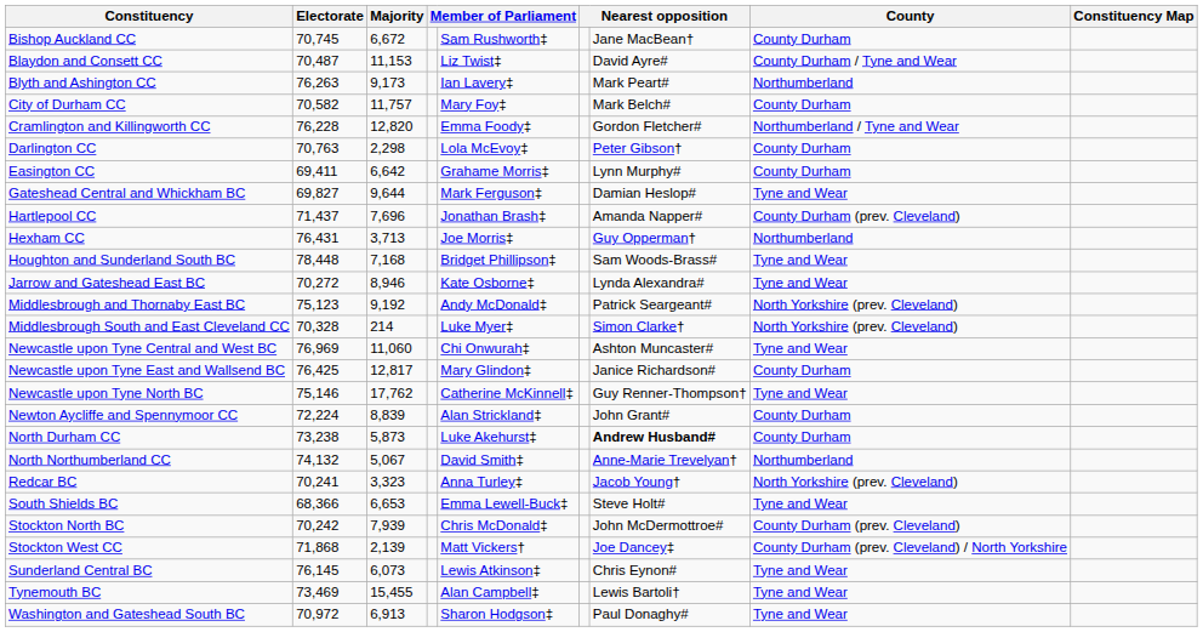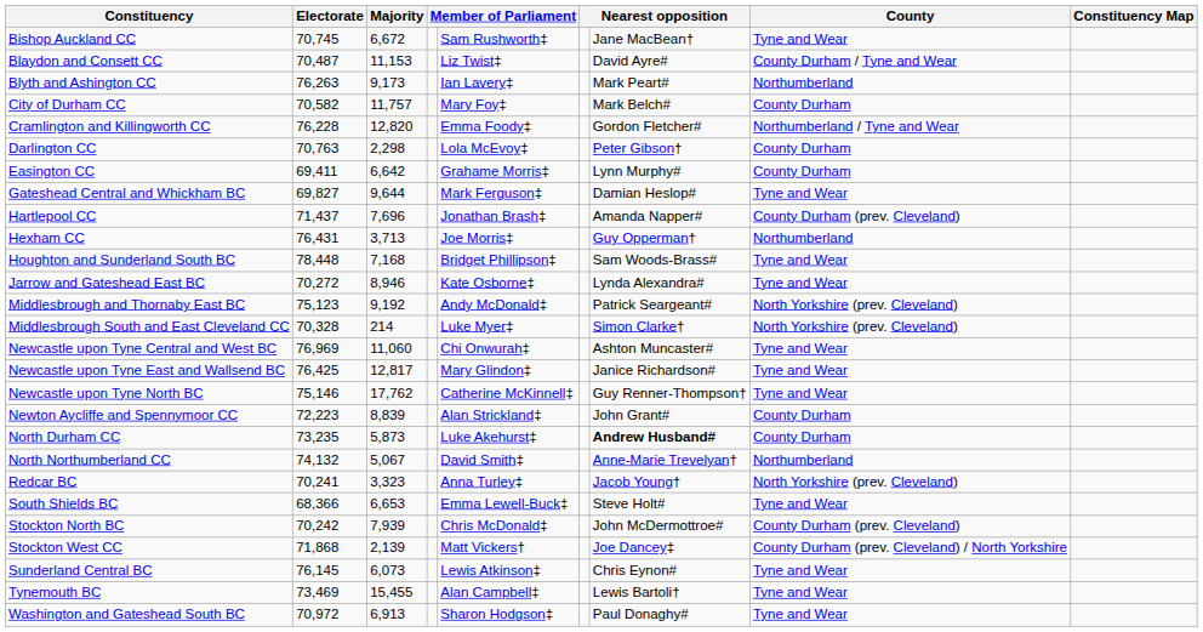 <table class="wikitable sortable">
 <tr>
 <th rowspan="1">Constituency </th>
 <th rowspan="1">Electorate</th>
 <th rowspan="1">Majority</th>
 <th class="unsortable" colspan="2"><a href='#'>Member of Parliament</a></th>
 <th class="unsortable" colspan="2">Nearest opposition</th>
 <th rowspan="1">County</th>
 <th class="unsortable" rowspan="1">Constituency Map</th>
 </tr>
 <tr>
 <td><a href='#'>Bishop Auckland CC</a></td>
 <td>70,745</td>
 <td>6,672</td>
 <td style="color:inherit;background:"> </td>
 <td><a href='#'>Sam Rushworth</a>‡</td>
 <td style="color:inherit;background:"> </td>
 <td>Jane MacBean†</td>
-<td><a href='#'>County Durham</a></td>
+<td><a href='#'>Tyne and Wear</a></td>
 <td></td>
 </tr>
 <tr>
 <td><a href='#'>Blaydon and Consett CC</a></td>
 <td>70,487</td>
 <td>11,153</td>
 <td style="color:inherit;background:"> </td>
 <td><a href='#'>Liz Twist</a>‡</td>
 <td style="color:inherit;background:"> </td>
 <td>David Ayre#</td>
 <td><a href='#'>County Durham</a> / <a href='#'>Tyne and Wear</a></td>
 <td></td>
 </tr>
 <tr>
 <td><a href='#'>Blyth and Ashington CC</a></td>
 <td>76,263</td>
 <td>9,173</td>
 <td style="color:inherit;background:"> </td>
 <td><a href='#'>Ian Lavery</a>‡</td>
 <td style="color:inherit;background:"> </td>
 <td>Mark Peart#</td>
 <td><a href='#'>Northumberland</a></td>
 <td></td>
 </tr>
 <tr>
 <td><a href='#'>City of Durham CC</a></td>
 <td>70,582</td>
 <td>11,757</td>
 <td style="color:inherit;background:"> </td>
 <td><a href='#'>Mary Foy</a>‡</td>
 <td style="color:inherit;background:"> </td>
 <td>Mark Belch#</td>
 <td><a href='#'>County Durham</a></td>
 <td></td>
 </tr>
 <tr>
 <td><a href='#'>Cramlington and Killingworth CC</a></td>
 <td>76,228</td>
 <td>12,820</td>
 <td style="color:inherit;background:"> </td>
 <td><a href='#'>Emma Foody</a>‡</td>
 <td style="color:inherit;background:"> </td>
 <td>Gordon Fletcher#</td>
 <td><a href='#'>Northumberland</a> / <a href='#'>Tyne and Wear</a></td>
 <td></td>
 </tr>
 <tr>
 <td><a href='#'>Darlington CC</a></td>
 <td>70,763</td>
 <td>2,298</td>
 <td style="color:inherit;background:"> </td>
 <td><a href='#'>Lola McEvoy</a>‡</td>
 <td style="color:inherit;background:"> </td>
 <td><a href='#'>Peter Gibson</a>†</td>
 <td><a href='#'>County Durham</a></td>
 <td></td>
 </tr>
 <tr>
 <td><a href='#'>Easington CC</a></td>
 <td>69,411</td>
 <td>6,642</td>
 <td style="color:inherit;background:"> </td>
 <td><a href='#'>Grahame Morris</a>‡</td>
 <td style="color:inherit;background:"> </td>
 <td>Lynn Murphy#</td>
 <td><a href='#'>County Durham</a></td>
 <td></td>
 </tr>
 <tr>
 <td><a href='#'>Gateshead Central and Whickham BC</a></td>
 <td>69,827</td>
 <td>9,644</td>
 <td style="color:inherit;background:"> </td>
 <td><a href='#'>Mark Ferguson</a>‡</td>
 <td style="color:inherit;background:"> </td>
 <td>Damian Heslop#</td>
 <td><a href='#'>Tyne and Wear</a></td>
 <td></td>
 </tr>
 <tr>
 <td><a href='#'>Hartlepool CC</a></td>
 <td>71,437</td>
 <td>7,696</td>
 <td style="color:inherit;background:"> </td>
 <td><a href='#'>Jonathan Brash</a>‡</td>
 <td style="color:inherit;background:"> </td>
 <td>Amanda Napper#</td>
 <td><a href='#'>County Durham</a> (prev. <a href='#'>Cleveland</a>)</td>
 <td></td>
 </tr>
 <tr>
 <td><a href='#'>Hexham CC</a></td>
 <td>76,431</td>
 <td>3,713</td>
 <td style="color:inherit;background:"></td>
 <td><a href='#'>Joe Morris</a>‡</td>
 <td style="color:inherit;background:"> </td>
 <td><a href='#'>Guy Opperman</a>†</td>
 <td><a href='#'>Northumberland</a></td>
 <td></td>
 </tr>
 <tr>
 <td><a href='#'>Houghton and Sunderland South BC</a></td>
 <td>78,448</td>
 <td>7,168</td>
 <td style="color:inherit;background:"> </td>
 <td><a href='#'>Bridget Phillipson</a>‡</td>
 <td style="color:inherit;background:"> </td>
 <td>Sam Woods-Brass#</td>
 <td><a href='#'>Tyne and Wear</a></td>
 <td></td>
 </tr>
 <tr>
 <td><a href='#'>Jarrow and Gateshead East BC</a></td>
 <td>70,272</td>
 <td>8,946</td>
 <td style="color:inherit;background:"> </td>
 <td><a href='#'>Kate Osborne</a>‡</td>
 <td style="color:inherit;background:"> </td>
 <td>Lynda Alexandra#</td>
 <td><a href='#'>Tyne and Wear</a></td>
 <td></td>
 </tr>
 <tr>
 <td><a href='#'>Middlesbrough and Thornaby East BC</a></td>
 <td>75,123</td>
 <td>9,192</td>
 <td style="color:inherit;background:"> </td>
 <td><a href='#'>Andy McDonald</a>‡</td>
 <td style="color:inherit;background:"> </td>
 <td>Patrick Seargeant#</td>
 <td><a href='#'>North Yorkshire</a> (prev. <a href='#'>Cleveland</a>)</td>
 <td></td>
 </tr>
 <tr>
 <td><a href='#'>Middlesbrough South and East Cleveland CC</a></td>
 <td>70,328</td>
 <td>214</td>
 <td style="color:inherit;background:"> </td>
 <td><a href='#'>Luke Myer</a>‡</td>
 <td style="color:inherit;background:"> </td>
 <td><a href='#'>Simon Clarke</a>†</td>
 <td><a href='#'>North Yorkshire</a> (prev. <a href='#'>Cleveland</a>)</td>
 <td></td>
 </tr>
 <tr>
 <td><a href='#'>Newcastle upon Tyne Central and West BC</a></td>
 <td>76,969</td>
 <td>11,060</td>
 <td style="color:inherit;background:"> </td>
 <td><a href='#'>Chi Onwurah</a>‡</td>
 <td style="color:inherit;background:"> </td>
 <td>Ashton Muncaster#</td>
 <td><a href='#'>Tyne and Wear</a></td>
 <td></td>
 </tr>
 <tr>
 <td><a href='#'>Newcastle upon Tyne East and Wallsend BC</a></td>
 <td>76,425</td>
 <td>12,817</td>
 <td style="color:inherit;background:"> </td>
 <td><a href='#'>Mary Glindon</a>‡</td>
 <td style="color:inherit;background:"> </td>
 <td>Janice Richardson#</td>
-<td><a href='#'>County Durham</a></td>
+<td><a href='#'>Tyne and Wear</a></td>
 <td></td>
 </tr>
 <tr>
 <td><a href='#'>Newcastle upon Tyne North BC</a></td>
 <td>75,146</td>
 <td>17,762</td>
 <td style="color:inherit;background:"> </td>
 <td><a href='#'>Catherine McKinnell</a>‡</td>
 <td style="color:inherit;background:"> </td>
 <td>Guy Renner-Thompson†</td>
 <td><a href='#'>Tyne and Wear</a></td>
 <td></td>
 </tr>
 <tr>
 <td><a href='#'>Newton Aycliffe and Spennymoor CC</a></td>
-<td>72,224</td>
+<td>72,223</td>
 <td>8,839</td>
 <td style="color:inherit;background:"> </td>
 <td><a href='#'>Alan Strickland</a>‡</td>
 <td style="color:inherit;background:"> </td>
 <td>John Grant#</td>
 <td><a href='#'>County Durham</a></td>
 <td></td>
 </tr>
 <tr>
 <td><a href='#'>North Durham CC</a></td>
-<td>73,238</td>
+<td>73,235</td>
 <td>5,873</td>
 <td style="color:inherit;background:"> </td>
 <td><a href='#'>Luke Akehurst</a>‡</td>
 <td style="color:inherit;background:"> </td>
 <td><strong>Andrew Husband#</strong></td>
 <td><a href='#'>County Durham</a></td>
 <td></td>
 </tr>
 <tr>
 <td><a href='#'>North Northumberland CC</a></td>
 <td>74,132</td>
 <td>5,067</td>
 <td style="color:inherit;background:"> </td>
 <td><a href='#'>David Smith</a>‡</td>
 <td style="color:inherit;background:"> </td>
 <td><a href='#'>Anne-Marie Trevelyan</a>†</td>
 <td><a href='#'>Northumberland</a></td>
 <td></td>
 </tr>
 <tr>
 <td><a href='#'>Redcar BC</a></td>
 <td>70,241</td>
 <td>3,323</td>
 <td style="color:inherit;background:"> </td>
 <td><a href='#'>Anna Turley</a>‡</td>
 <td style="color:inherit;background:"> </td>
 <td><a href='#'>Jacob Young</a>†</td>
 <td><a href='#'>North Yorkshire</a> (prev. <a href='#'>Cleveland</a>)</td>
 <td></td>
 </tr>
 <tr>
 <td><a href='#'>South Shields BC</a></td>
 <td>68,366</td>
 <td>6,653</td>
 <td style="color:inherit;background:"> </td>
 <td><a href='#'>Emma Lewell-Buck</a>‡</td>
 <td style="color:inherit;background:"> </td>
 <td>Steve Holt#</td>
 <td><a href='#'>Tyne and Wear</a></td>
 <td></td>
 </tr>
 <tr>
 <td><a href='#'>Stockton North BC</a></td>
 <td>70,242</td>
 <td>7,939</td>
 <td style="color:inherit;background:"> </td>
 <td><a href='#'>Chris McDonald</a>‡</td>
 <td style="color:inherit;background:"> </td>
 <td>John McDermottroe#</td>
 <td><a href='#'>County Durham</a> (prev. <a href='#'>Cleveland</a>)</td>
 <td></td>
 </tr>
 <tr>
 <td><a href='#'>Stockton West CC</a></td>
 <td>71,868</td>
 <td>2,139</td>
 <td style="color:inherit;background:"> </td>
 <td><a href='#'>Matt Vickers</a>†</td>
 <td style="color:inherit;background:"> </td>
 <td><a href='#'>Joe Dancey</a>‡</td>
 <td><a href='#'>County Durham</a> (prev. <a href='#'>Cleveland</a>) / <a href='#'>North Yorkshire</a></td>
 <td></td>
 </tr>
 <tr>
 <td><a href='#'>Sunderland Central BC</a></td>
 <td>76,145</td>
 <td>6,073</td>
 <td style="color:inherit;background:"> </td>
 <td><a href='#'>Lewis Atkinson</a>‡</td>
 <td style="color:inherit;background:"> </td>
 <td>Chris Eynon#</td>
 <td><a href='#'>Tyne and Wear</a></td>
 <td></td>
 </tr>
 <tr>
 <td><a href='#'>Tynemouth BC</a></td>
 <td>73,469</td>
 <td>15,455</td>
 <td style="color:inherit;background:"> </td>
 <td><a href='#'>Alan Campbell</a>‡</td>
 <td style="color:inherit;background:"> </td>
 <td>Lewis Bartoli†</td>
 <td><a href='#'>Tyne and Wear</a></td>
 <td></td>
 </tr>
 <tr>
 <td><a href='#'>Washington and Gateshead South BC</a></td>
 <td>70,972</td>
 <td>6,913</td>
 <td style="color:inherit;background:"> </td>
 <td><a href='#'>Sharon Hodgson</a>‡</td>
 <td style="color:inherit;background:"> </td>
 <td>Paul Donaghy#</td>
 <td><a href='#'>Tyne and Wear</a></td>
 <td></td>
 </tr>
 </table>
